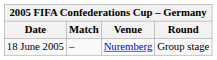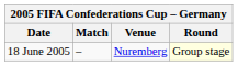 <table class="wikitable">
 <tr>
 <th colspan="4">2005 FIFA Confederations Cup – Germany</th>
 </tr>
 <tr>
 <th>Date</th>
 <th>Match</th>
 <th>Venue</th>
 <th>Round</th>
 </tr>
 <tr>
 <td>18 June 2005</td>
 <td> – </td>
 <td><a href='#'>Nuremberg</a></td>
-<td>Group stage</td>
+<td style="background: lightyellow;">Group stage</td>
 </tr>
 </table>
